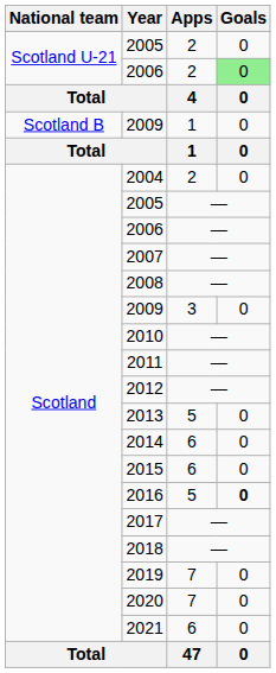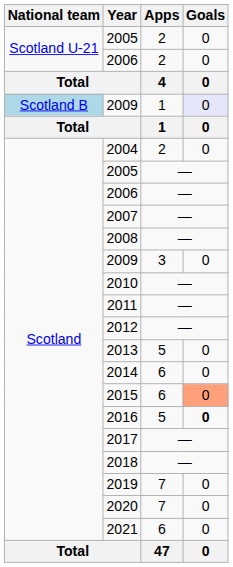 <table class="wikitable" style="text-align:center">
 <tr>
 <th>National team</th>
 <th>Year</th>
 <th>Apps</th>
 <th>Goals</th>
 </tr>
 <tr>
 <td rowspan="2"><a href='#'>Scotland U-21</a></td>
 <td>2005</td>
 <td>2</td>
 <td>0</td>
 </tr>
 <tr>
 <td>2006</td>
 <td>2</td>
-<td style="background: lightgreen;">0</td>
+<td>0</td>
 </tr>
 <tr>
 <th colspan="2">Total</th>
 <th>4</th>
 <th>0</th>
 </tr>
 <tr>
-<td><a href='#'>Scotland B</a></td>
+<td style="background: lightblue;"><a href='#'>Scotland B</a></td>
 <td>2009</td>
 <td>1</td>
-<td>0</td>
+<td style="background: lavender;">0</td>
 </tr>
 <tr>
 <th colspan="2">Total</th>
 <th>1</th>
 <th>0</th>
 </tr>
 <tr>
 <td rowspan="18"><a href='#'>Scotland</a></td>
 <td>2004</td>
 <td>2</td>
 <td>0</td>
 </tr>
 <tr>
 <td>2005</td>
 <td colspan="2">—</td>
 </tr>
 <tr>
 <td>2006</td>
 <td colspan="2">—</td>
 </tr>
 <tr>
 <td>2007</td>
 <td colspan="2">—</td>
 </tr>
 <tr>
 <td>2008</td>
 <td colspan="2">—</td>
 </tr>
 <tr>
 <td>2009</td>
 <td>3</td>
 <td>0</td>
 </tr>
 <tr>
 <td>2010</td>
 <td colspan="2">—</td>
 </tr>
 <tr>
 <td>2011</td>
 <td colspan="2">—</td>
 </tr>
 <tr>
 <td>2012</td>
 <td colspan="2">—</td>
 </tr>
 <tr>
 <td>2013</td>
 <td>5</td>
 <td>0</td>
 </tr>
 <tr>
 <td>2014</td>
 <td>6</td>
 <td>0</td>
 </tr>
 <tr>
 <td>2015</td>
 <td>6</td>
-<td>0</td>
+<td style="background: lightsalmon;">0</td>
 </tr>
 <tr>
 <td>2016</td>
 <td>5</td>
 <td><strong>0</strong></td>
 </tr>
 <tr>
 <td>2017</td>
 <td colspan="2">—</td>
 </tr>
 <tr>
 <td>2018</td>
 <td colspan="2">—</td>
 </tr>
 <tr>
 <td>2019</td>
 <td>7</td>
 <td>0</td>
 </tr>
 <tr>
 <td>2020</td>
 <td>7</td>
 <td>0</td>
 </tr>
 <tr>
 <td>2021</td>
 <td>6</td>
 <td>0</td>
 </tr>
 <tr>
 <th colspan="2">Total</th>
 <th>47</th>
 <th>0</th>
 </tr>
 </table>
